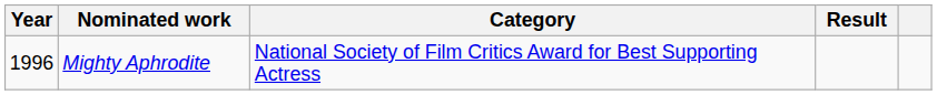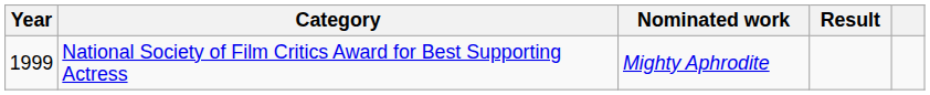 <table class="wikitable">
 <tr>
 <th>Year</th>
+<th width="450">Category</th>
 <th width="148">Nominated work</th>
-<th width="450">Category</th>
 <th width="60">Result</th>
 <th width="20" class="unsortable"></th>
 </tr>
 <tr>
-<td>1996</td>
+<td>1999</td>
+<td><a href='#'>National Society of Film Critics Award for Best Supporting Actress</a></td>
 <td><em><a href='#'>Mighty Aphrodite</a></em></td>
-<td><a href='#'>National Society of Film Critics Award for Best Supporting Actress</a></td>
 <td></td>
 <td></td>
 </tr>
 </table>
